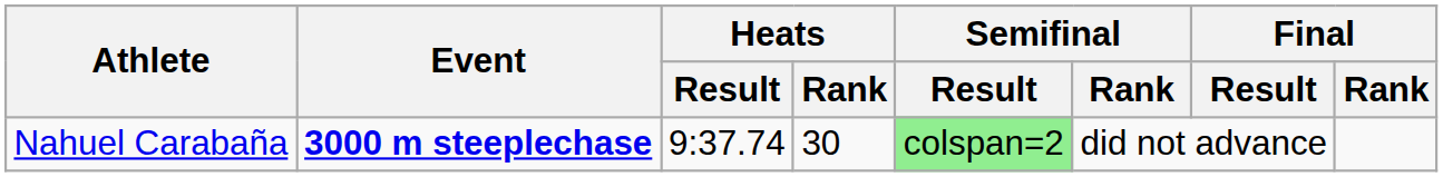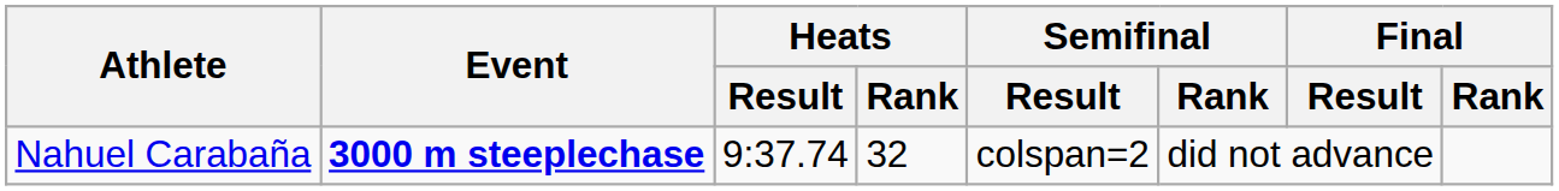 <table class="wikitable" border="1" style="font-size:90%">
 <tr>
 <th rowspan="2">Athlete</th>
 <th rowspan="2">Event</th>
 <th colspan="2">Heats</th>
 <th colspan="2">Semifinal</th>
 <th colspan="2">Final</th>
 </tr>
 <tr>
 <th>Result</th>
 <th>Rank</th>
 <th>Result</th>
 <th>Rank</th>
 <th>Result</th>
 <th>Rank</th>
 </tr>
 <tr>
 <td><a href='#'>Nahuel Carabaña</a></td>
 <td><strong><a href='#'>3000 m steeplechase</a></strong></td>
 <td>9:37.74</td>
-<td>30</td>
-<td style="background: lightgreen;">colspan=2</td>
+<td>32</td>
+<td>colspan=2</td>
 <td Colspan=2>did not advance</td>
 </tr>
 </table>
